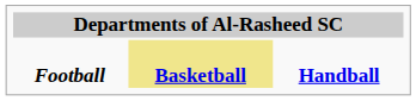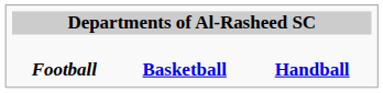 <table class="infobox" style="width: 20em; font-size: 95%em;">
 <tr bgcolor="#cccccc" style="text-align: center">
 <th colspan="3">Departments of Al-Rasheed SC</th>
 </tr>
 <tr style="text-align: center">
 <td><br><strong><em>Football</em></strong></td>
-<td style="background: khaki;"><br><strong><a href='#'>Basketball</a></strong></td>
+<td><br><strong><a href='#'>Basketball</a></strong></td>
 <td><br><strong><a href='#'>Handball</a></strong></td>
 </tr>
 </table>
